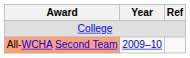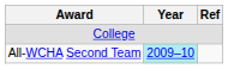 <table class="wikitable">
 <tr>
 <th>Award</th>
 <th>Year</th>
 <th>Ref</th>
 </tr>
 <tr ALIGN="center" bgcolor="#e0e0e0">
 <td colspan="3"><a href='#'>College</a></td>
 </tr>
 <tr>
-<td style="background: lightsalmon;">All-<a href='#'>WCHA</a> <a href='#'>Second Team</a></td>
-<td><a href='#'>2009–10</a></td>
+<td>All-<a href='#'>WCHA</a> <a href='#'>Second Team</a></td>
+<td style="background: paleturquoise;"><a href='#'>2009–10</a></td>
 <td></td>
 </tr>
 </table>
